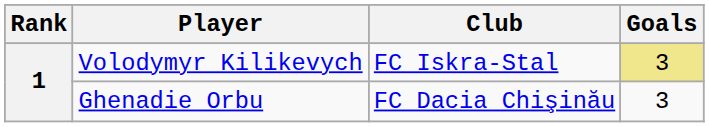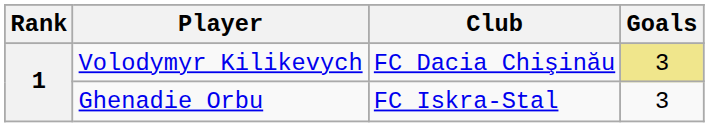 <table class="wikitable">
 <tr>
 <th>Rank</th>
 <th>Player</th>
 <th>Club</th>
 <th>Goals</th>
 </tr>
 <tr>
 <th rowspan=2 align=center>1</th>
 <td> <a href='#'>Volodymyr Kilikevych</a></td>
-<td><a href='#'>FC Iskra-Stal</a></td>
+<td><a href='#'>FC Dacia Chişinău</a></td>
 <td align=center style="background: khaki;">3</td>
 </tr>
 <tr>
 <td> <a href='#'>Ghenadie Orbu</a></td>
-<td><a href='#'>FC Dacia Chişinău</a></td>
+<td><a href='#'>FC Iskra-Stal</a></td>
 <td align=center>3</td>
 </tr>
 </table>
